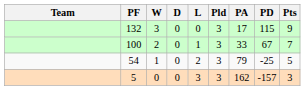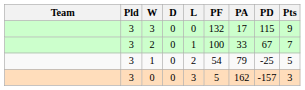 <table class="wikitable" style="text-align:center;">
 <tr>
 <th width=175>Team</th>
-<th width=32 abbr="Points for">PF</th>
+<th width=25 abbr="Played">Pld</th>
 <th width=25 abbr="Won">W</th>
 <th width=25 abbr="Drawn">D</th>
 <th width=25 abbr="Lost">L</th>
-<th width=25 abbr="Played">Pld</th>
+<th width=32 abbr="Points for">PF</th>
 <th width=32 abbr="Points against">PA</th>
 <th width=32 abbr="Points difference">PD</th>
 <th width=25 abbr="Points">Pts</th>
 </tr>
 <tr bgcolor="#ccffcc">
 <td align=left></td>
-<td>132</td>
+<td>3</td>
 <td>3</td>
 <td>0</td>
 <td>0</td>
-<td>3</td>
+<td>132</td>
 <td>17</td>
 <td>115</td>
 <td>9</td>
 </tr>
 <tr bgcolor="#ccffcc">
 <td align=left></td>
-<td>100</td>
+<td>3</td>
 <td>2</td>
 <td>0</td>
 <td>1</td>
-<td>3</td>
+<td>100</td>
 <td>33</td>
 <td>67</td>
 <td>7</td>
 </tr>
 <tr>
 <td align=left></td>
-<td>54</td>
+<td>3</td>
 <td>1</td>
 <td>0</td>
 <td>2</td>
-<td>3</td>
+<td>54</td>
 <td>79</td>
 <td>-25</td>
 <td>5</td>
 </tr>
 <tr bgcolor="#ffddbb">
 <td align=left></td>
-<td>5</td>
+<td>3</td>
 <td>0</td>
 <td>0</td>
 <td>3</td>
-<td>3</td>
+<td>5</td>
 <td>162</td>
 <td>-157</td>
 <td>3</td>
 </tr>
 </table>
